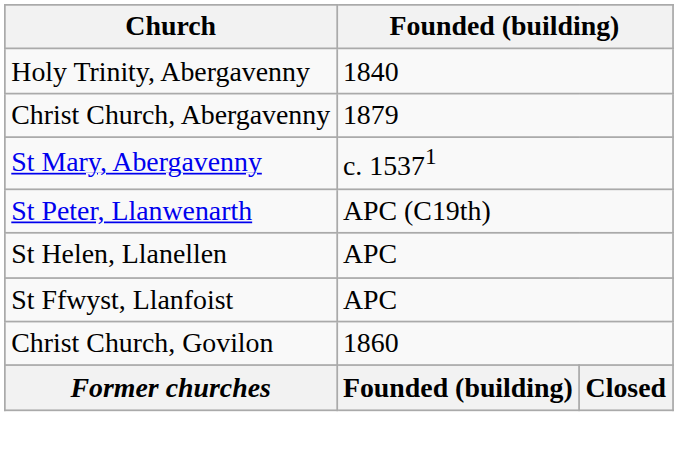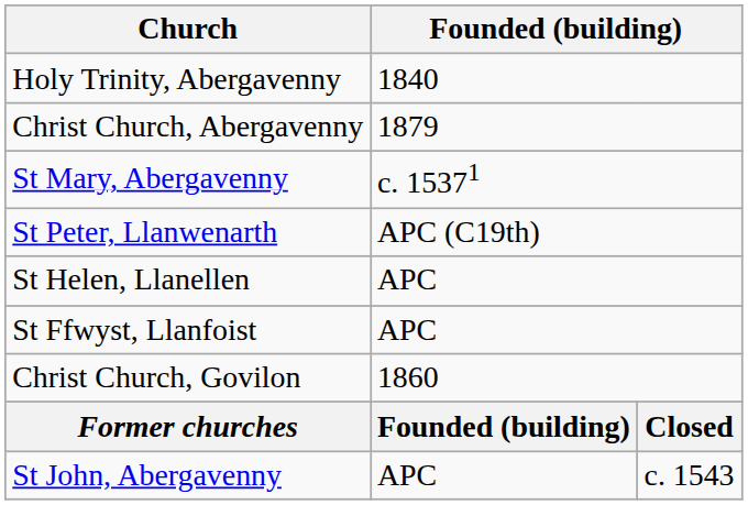 <table class="wikitable">
 <tr>
 <th>Church</th>
 <th colspan="2">Founded (building)</th>
 </tr>
 <tr>
 <td>Holy Trinity, Abergavenny</td>
 <td colspan="2">1840</td>
 </tr>
 <tr>
 <td>Christ Church, Abergavenny</td>
 <td colspan="2">1879</td>
 </tr>
 <tr>
 <td><a href='#'>St Mary, Abergavenny</a></td>
 <td colspan="2">c. 1537<sup>1</sup></td>
 </tr>
 <tr>
 <td><a href='#'>St Peter, Llanwenarth</a></td>
 <td colspan="2">APC (C19th)</td>
 </tr>
 <tr>
 <td>St Helen, Llanellen</td>
 <td colspan="2">APC</td>
 </tr>
 <tr>
 <td>St Ffwyst, Llanfoist</td>
 <td colspan="2">APC</td>
 </tr>
 <tr>
 <td>Christ Church, Govilon</td>
 <td colspan="2">1860</td>
 </tr>
 <tr>
 <th><em>Former churches</em></th>
 <th>Founded (building)</th>
 <th>Closed</th>
 </tr>
+<tr>
+<td><a href='#'>St John, Abergavenny</a></td>
+<td>APC</td>
+<td>c. 1543</td>
+</tr>
 </table>
